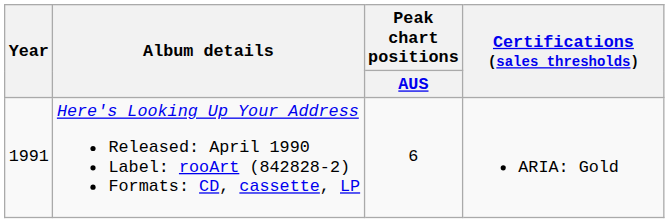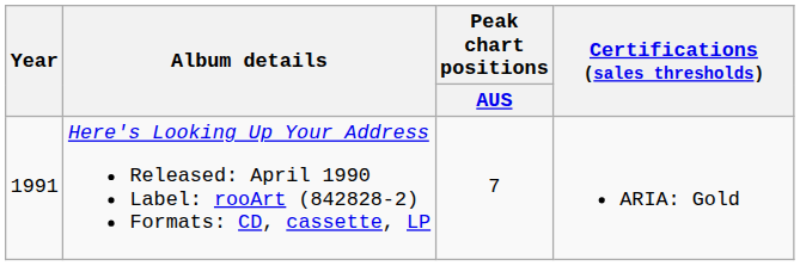 <table class="wikitable">
 <tr>
 <th rowspan="2">Year</th>
 <th rowspan="2">Album details</th>
 <th colspan="1">Peak chart positions</th>
 <th rowspan="2" width="150"><a href='#'>Certifications</a><br><small>(<a href='#'>sales thresholds</a>)</small></th>
 </tr>
 <tr>
 <th style="width:3em"><a href='#'>AUS</a><br></th>
 </tr>
 <tr>
 <td>1991</td>
 <td><em><a href='#'>Here's Looking Up Your Address</a></em><br><ul><li>Released: April 1990</li><li>Label: <a href='#'>rooArt</a> (842828-2)</li><li>Formats: <a href='#'>CD</a>, <a href='#'>cassette</a>, <a href='#'>LP</a></li></ul></td>
-<td align="center">6</td>
+<td align="center">7</td>
 <td><br><ul><li>ARIA: Gold</li></ul></td>
 </tr>
 </table>
